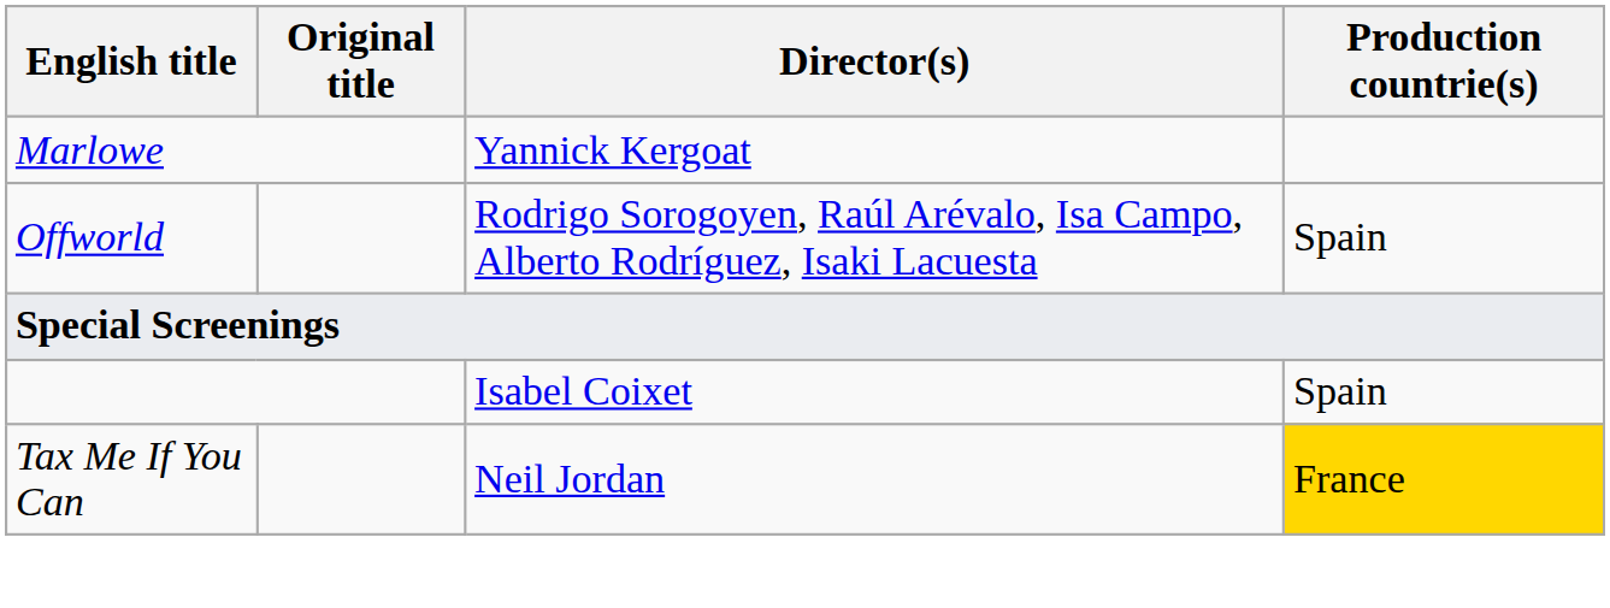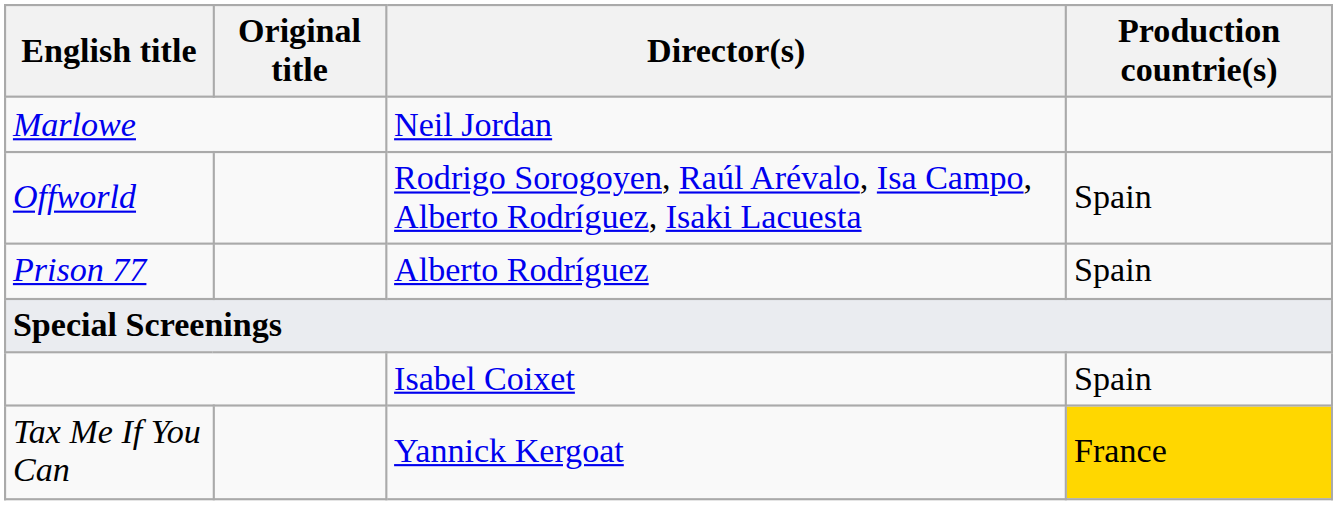 <table class="sortable wikitable" style="width:100%; margin-bottom:4px" cellpadding="5">
 <tr>
 <th scope="col">English title</th>
 <th scope="col">Original title</th>
 <th scope="col">Director(s)</th>
 <th scope="col">Production countrie(s)</th>
 </tr>
 <tr>
 <td colspan = "2"><em><a href='#'>Marlowe</a></em></td>
-<td><a href='#'>Yannick Kergoat</a></td>
+<td><a href='#'>Neil Jordan</a></td>
 <td></td>
 </tr>
 <tr>
 <td><em><a href='#'>Offworld</a></em></td>
 <td></td>
 <td><a href='#'>Rodrigo Sorogoyen</a>, <a href='#'>Raúl Arévalo</a>, <a href='#'>Isa Campo</a>, <a href='#'>Alberto Rodríguez</a>, <a href='#'>Isaki Lacuesta</a></td>
+<td>Spain</td>
+</tr>
+<tr>
+<td><em><a href='#'>Prison 77</a></em></td>
+<td></td>
+<td><a href='#'>Alberto Rodríguez</a></td>
 <td>Spain</td>
 </tr>
 <tr>
 <td colspan=4 class="center" style="padding-center:120px; background-color:#EAECF0"><strong>Special Screenings</strong></td>
 </tr>
 <tr>
 <td colspan = "2"><em></em></td>
 <td><a href='#'>Isabel Coixet</a></td>
 <td>Spain</td>
 </tr>
 <tr>
 <td><em>Tax Me If You Can</em></td>
 <td></td>
-<td><a href='#'>Neil Jordan</a></td>
+<td><a href='#'>Yannick Kergoat</a></td>
 <td style="background: gold;">France</td>
 </tr>
 </table>
